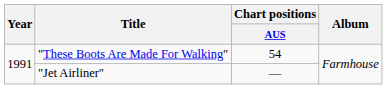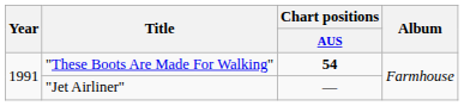 <table class="wikitable">
 <tr>
 <th rowspan="2">Year</th>
 <th rowspan="2">Title</th>
 <th colspan="1">Chart positions</th>
 <th rowspan="2">Album</th>
 </tr>
 <tr>
 <th><small><a href='#'>AUS</a></small><br></th>
 </tr>
 <tr>
 <td rowspan="2">1991</td>
 <td>"<a href='#'>These Boots Are Made For Walking</a>"</td>
-<td align="center">54</td>
+<td align="center"><strong>54</strong></td>
 <td rowspan="2"><em>Farmhouse</em></td>
 </tr>
 <tr>
 <td>"Jet Airliner"</td>
 <td align="center">—</td>
 </tr>
 </table>
